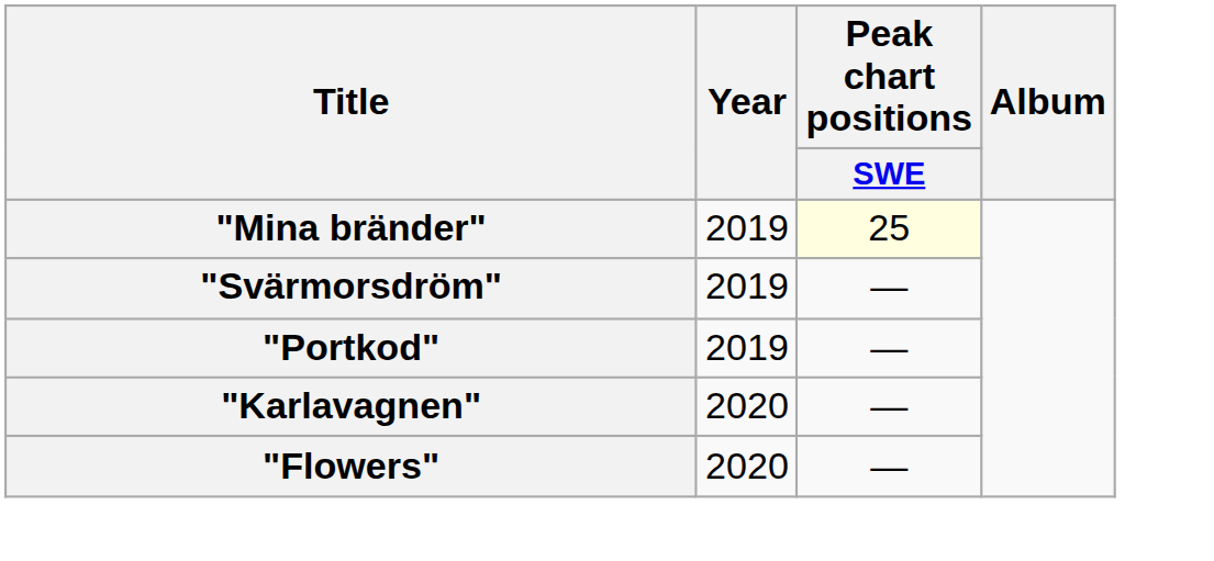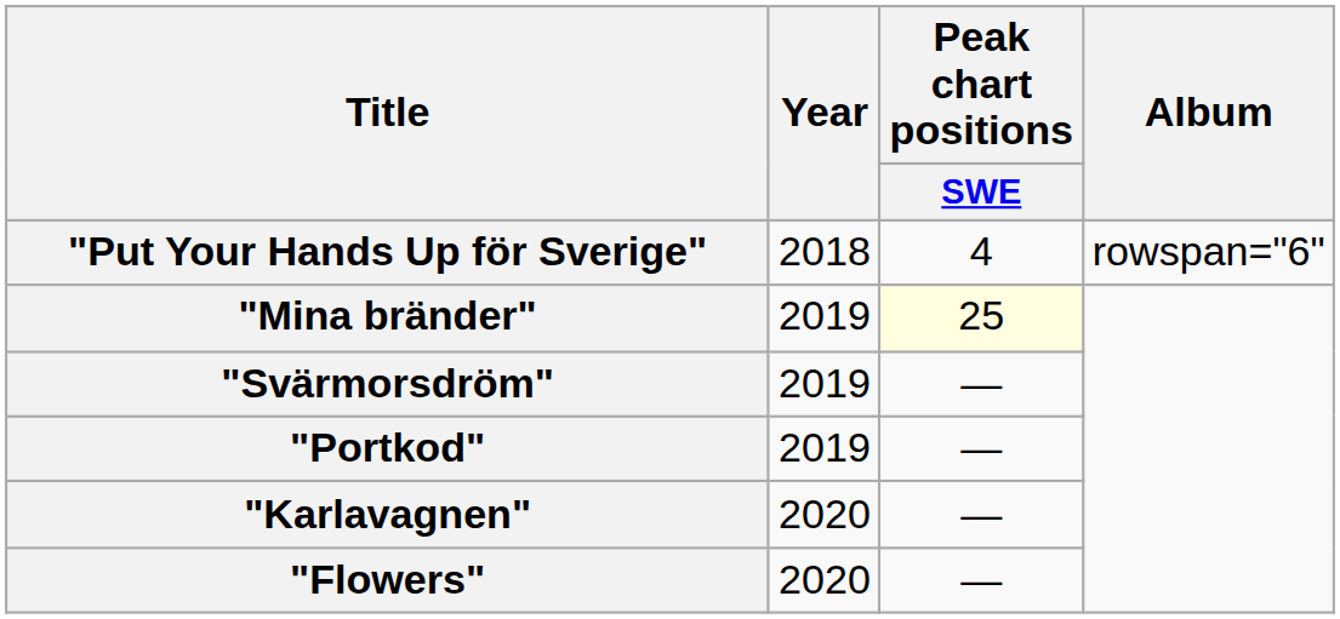 <table class="wikitable plainrowheaders" style="text-align:center;">
 <tr>
 <th scope="col" rowspan="2" style="width:18em;">Title</th>
 <th scope="col" rowspan="2" style="width:1em;">Year</th>
 <th scope="col" colspan="1">Peak chart positions</th>
 <th scope="col" rowspan="2">Album</th>
 </tr>
 <tr>
 <th scope="col" style="width:3em;font-size:85%;"><a href='#'>SWE</a><br></th>
+</tr>
+<tr>
+<th scope="row">"Put Your Hands Up för Sverige"<br></th>
+<td>2018</td>
+<td>4</td>
+<td>rowspan="6" </td>
 </tr>
 <tr>
 <th scope="row">"Mina bränder"<br></th>
 <td>2019</td>
 <td style="background: lightyellow;">25</td>
 </tr>
 <tr>
 <th scope="row">"Svärmorsdröm"<br></th>
 <td>2019</td>
 <td>—</td>
 </tr>
 <tr>
 <th scope="row">"Portkod"<br></th>
 <td>2019</td>
 <td>—</td>
 </tr>
 <tr>
 <th scope="row">"Karlavagnen"<br></th>
 <td>2020</td>
 <td>—</td>
 </tr>
 <tr>
 <th scope="row">"Flowers"<br></th>
 <td>2020</td>
 <td>—</td>
 </tr>
 </table>
